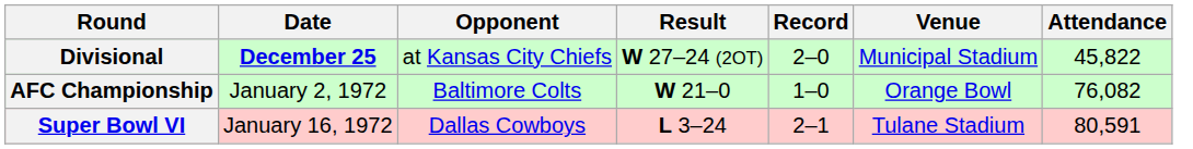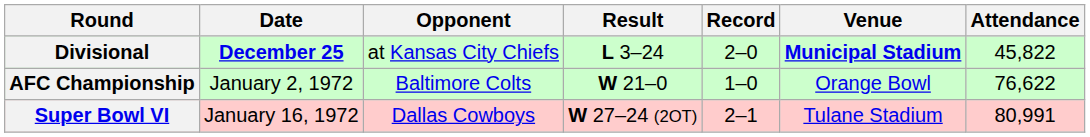 <table class="wikitable" style="text-align:center">
 <tr>
 <th>Round</th>
 <th>Date</th>
 <th>Opponent</th>
 <th>Result</th>
 <th>Record</th>
 <th>Venue</th>
 <th>Attendance</th>
 </tr>
 <tr style="background:#cfc">
 <th>Divisional</th>
 <td><strong><a href='#'>December 25</a></strong></td>
 <td>at <a href='#'>Kansas City Chiefs</a></td>
-<td><strong>W</strong> 27–24 <small>(2OT)</small></td>
+<td><strong>L</strong> 3–24</td>
 <td>2–0</td>
-<td><a href='#'>Municipal Stadium</a></td>
+<td><strong><a href='#'>Municipal Stadium</a></strong></td>
 <td>45,822</td>
 </tr>
 <tr style="background:#cfc">
 <th>AFC Championship</th>
 <td>January 2, 1972</td>
 <td><a href='#'>Baltimore Colts</a></td>
 <td><strong>W</strong> 21–0</td>
 <td>1–0</td>
 <td><a href='#'>Orange Bowl</a></td>
-<td>76,082</td>
+<td>76,622</td>
 </tr>
 <tr style="background:#fcc">
 <th><a href='#'>Super Bowl VI</a></th>
 <td>January 16, 1972</td>
 <td><a href='#'>Dallas Cowboys</a></td>
-<td><strong>L</strong> 3–24</td>
+<td><strong>W</strong> 27–24 <small>(2OT)</small></td>
 <td>2–1</td>
 <td><a href='#'>Tulane Stadium</a></td>
-<td>80,591</td>
+<td>80,991</td>
 </tr>
 </table>
